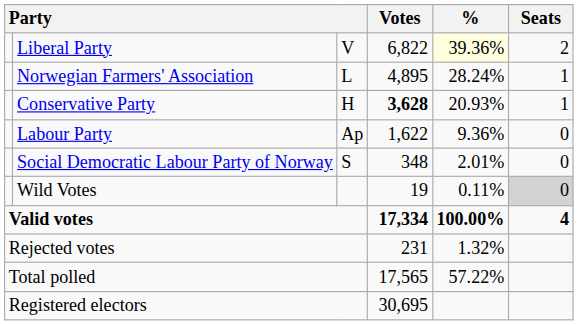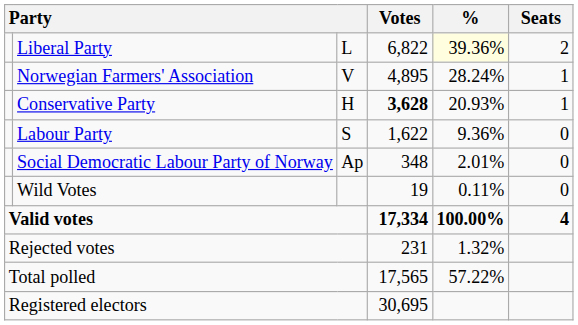 <table class="wikitable" border="1" style="text-align:right;">
 <tr>
 <th style="text-align:left;" colspan=3>Party</th>
 <th align=center width="50">Votes</th>
 <th align=center width="50">%</th>
 <th align=center width="50">Seats</th>
 </tr>
 <tr>
 <td style="color:inherit;background:"></td>
 <td align=left><a href='#'>Liberal Party</a></td>
-<td align=left>V</td>
+<td align=left>L</td>
 <td>6,822</td>
 <td style="background: lightyellow;">39.36%</td>
 <td>2</td>
 </tr>
 <tr>
 <td style="color:inherit;background:"></td>
 <td align=left><a href='#'>Norwegian Farmers' Association</a></td>
-<td align=left>L</td>
+<td align=left>V</td>
 <td>4,895</td>
 <td>28.24%</td>
 <td>1</td>
 </tr>
 <tr>
 <td style="color:inherit;background:"></td>
 <td align=left><a href='#'>Conservative Party</a></td>
 <td align=left>H</td>
 <td><strong>3,628</strong></td>
 <td>20.93%</td>
 <td>1</td>
 </tr>
 <tr>
 <td style="color:inherit;background:"></td>
 <td align=left><a href='#'>Labour Party</a></td>
-<td align=left>Ap</td>
+<td align=left>S</td>
 <td>1,622</td>
 <td>9.36%</td>
 <td>0</td>
 </tr>
 <tr>
 <td style="color:inherit;background:"></td>
 <td align=left><a href='#'>Social Democratic Labour Party of Norway</a></td>
-<td align=left>S</td>
+<td align=left>Ap</td>
 <td>348</td>
 <td>2.01%</td>
 <td>0</td>
 </tr>
 <tr>
 <td></td>
 <td align=left>Wild Votes</td>
 <td align=left></td>
 <td>19</td>
 <td>0.11%</td>
-<td style="background: lightgrey;">0</td>
+<td>0</td>
 </tr>
 <tr style="font-weight:bold">
 <td align=left colspan=3>Valid votes</td>
 <td>17,334</td>
 <td>100.00%</td>
 <td>4</td>
 </tr>
 <tr>
 <td align=left colspan=3>Rejected votes</td>
 <td>231</td>
 <td>1.32%</td>
 <td></td>
 </tr>
 <tr>
 <td align=left colspan=3>Total polled</td>
 <td>17,565</td>
 <td>57.22%</td>
 <td></td>
 </tr>
 <tr>
 <td align=left colspan=3>Registered electors</td>
 <td>30,695</td>
 <td></td>
 <td></td>
 </tr>
 </table>
